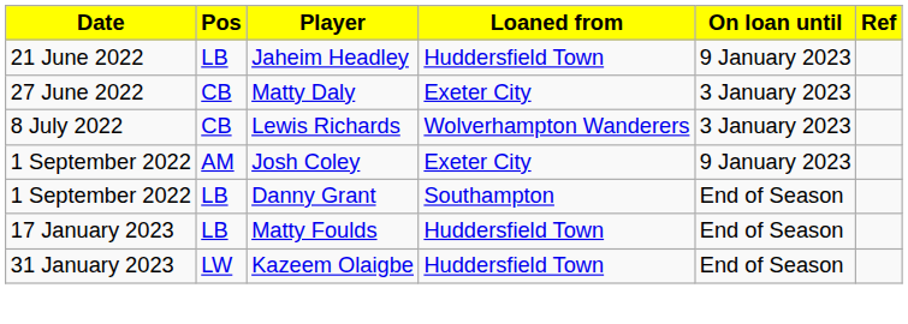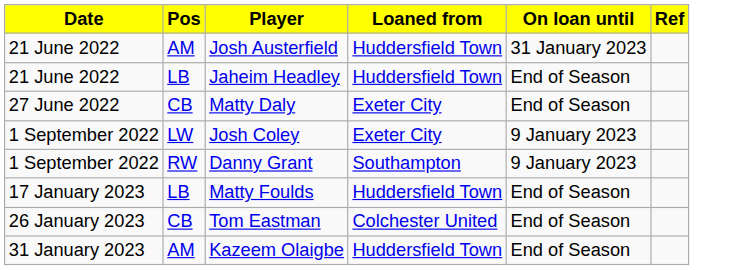 <table class="wikitable plainrowheaders sortable">
 <tr>
 <th style="background:#FFFF00; color:#000000; ">Date</th>
 <th style="background:#FFFF00; color:#000000; ">Pos</th>
 <th style="background:#FFFF00; color:#000000; ">Player</th>
 <th style="background:#FFFF00; color:#000000; ">Loaned from</th>
 <th style="background:#FFFF00; color:#000000; ">On loan until</th>
 <th style="background:#FFFF00; color:#000000; ">Ref</th>
 </tr>
 <tr>
 <td>21 June 2022</td>
+<td><a href='#'>AM</a></td>
+<td> <a href='#'>Josh Austerfield</a></td>
+<td> <a href='#'>Huddersfield Town</a></td>
+<td>31 January 2023</td>
+<td></td>
+</tr>
+<tr>
+<td>21 June 2022</td>
 <td><a href='#'>LB</a></td>
 <td> <a href='#'>Jaheim Headley</a></td>
 <td> <a href='#'>Huddersfield Town</a></td>
-<td>9 January 2023</td>
+<td>End of Season</td>
 <td></td>
 </tr>
 <tr>
 <td>27 June 2022</td>
 <td><a href='#'>CB</a></td>
 <td> <a href='#'>Matty Daly</a></td>
 <td> <a href='#'>Exeter City</a></td>
-<td>3 January 2023</td>
-<td></td>
-</tr>
-<tr>
-<td>8 July 2022</td>
-<td><a href='#'>CB</a></td>
-<td> <a href='#'>Lewis Richards</a></td>
-<td> <a href='#'>Wolverhampton Wanderers</a></td>
-<td>3 January 2023</td>
+<td>End of Season</td>
 <td></td>
 </tr>
 <tr>
 <td>1 September 2022</td>
-<td><a href='#'>AM</a></td>
+<td><a href='#'>LW</a></td>
 <td> <a href='#'>Josh Coley</a></td>
 <td> <a href='#'>Exeter City</a></td>
 <td>9 January 2023</td>
 <td></td>
 </tr>
 <tr>
 <td>1 September 2022</td>
-<td><a href='#'>LB</a></td>
+<td><a href='#'>RW</a></td>
 <td> <a href='#'>Danny Grant</a></td>
 <td> <a href='#'>Southampton</a></td>
-<td>End of Season</td>
+<td>9 January 2023</td>
 <td></td>
 </tr>
 <tr>
 <td>17 January 2023</td>
 <td><a href='#'>LB</a></td>
 <td> <a href='#'>Matty Foulds</a></td>
 <td> <a href='#'>Huddersfield Town</a></td>
 <td>End of Season</td>
 <td></td>
 </tr>
 <tr>
+<td>26 January 2023</td>
+<td><a href='#'>CB</a></td>
+<td> <a href='#'>Tom Eastman</a></td>
+<td> <a href='#'>Colchester United</a></td>
+<td>End of Season</td>
+<td></td>
+</tr>
+<tr>
 <td>31 January 2023</td>
-<td><a href='#'>LW</a></td>
+<td><a href='#'>AM</a></td>
 <td> <a href='#'>Kazeem Olaigbe</a></td>
 <td> <a href='#'>Huddersfield Town</a></td>
 <td>End of Season</td>
 <td></td>
 </tr>
 </table>
